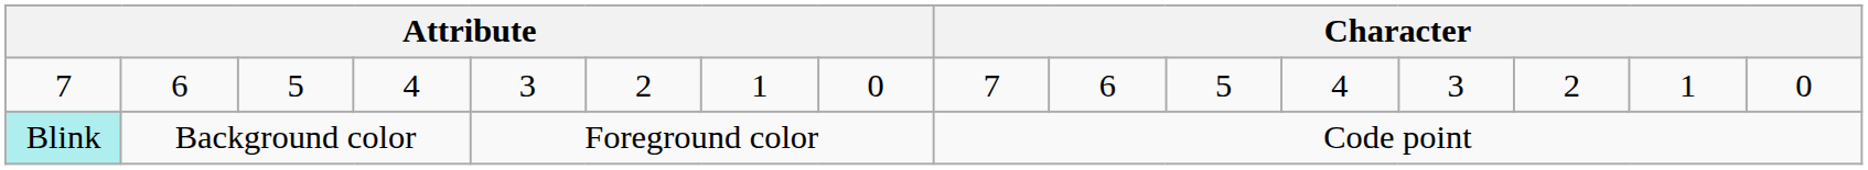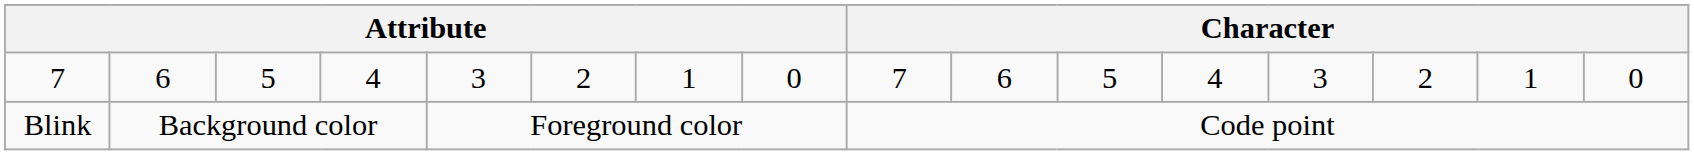 <table class="wikitable">
 <tr>
 <th colspan=8>Attribute</th>
 <th colspan=8>Character</th>
 </tr>
 <tr>
 <td width=48 align=center>7</td>
 <td width=48 align=center>6</td>
 <td width=48 align=center>5</td>
 <td width=48 align=center>4</td>
 <td width=48 align=center>3</td>
 <td width=48 align=center>2</td>
 <td width=48 align=center>1</td>
 <td width=48 align=center>0</td>
 <td width=48 align=center>7</td>
 <td width=48 align=center>6</td>
 <td width=48 align=center>5</td>
 <td width=48 align=center>4</td>
 <td width=48 align=center>3</td>
 <td width=48 align=center>2</td>
 <td width=48 align=center>1</td>
 <td width=48 align=center>0</td>
 </tr>
 <tr>
-<td align="center" style="background: paleturquoise;">Blink</td>
+<td align="center">Blink</td>
 <td colspan=3 align="center">Background color</td>
 <td colspan=4 align="center">Foreground color</td>
 <td colspan=8 align="center">Code point</td>
 </tr>
 </table>
